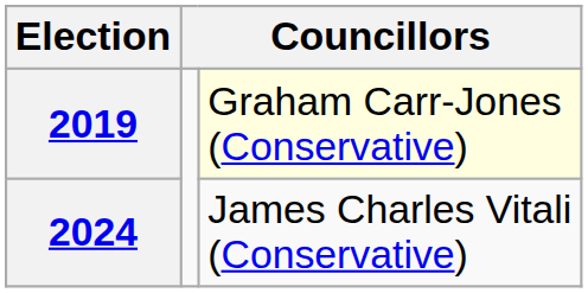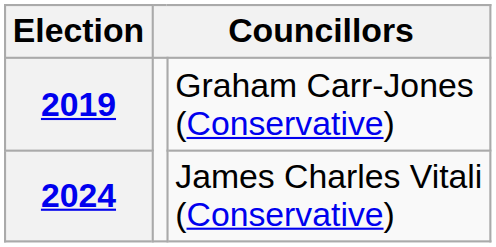 <table class="wikitable">
 <tr>
 <th>Election</th>
 <th colspan="2">Councillors</th>
 </tr>
 <tr>
 <th><a href='#'>2019</a></th>
 <td rowspan="5" style="background-color: "></td>
-<td style="background: lightyellow;">Graham Carr-Jones<br>(<a href='#'>Conservative</a>)</td>
+<td>Graham Carr-Jones<br>(<a href='#'>Conservative</a>)</td>
 </tr>
 <tr>
 <th><a href='#'>2024</a></th>
 <td>James Charles Vitali<br>(<a href='#'>Conservative</a>)</td>
 </tr>
 </table>
